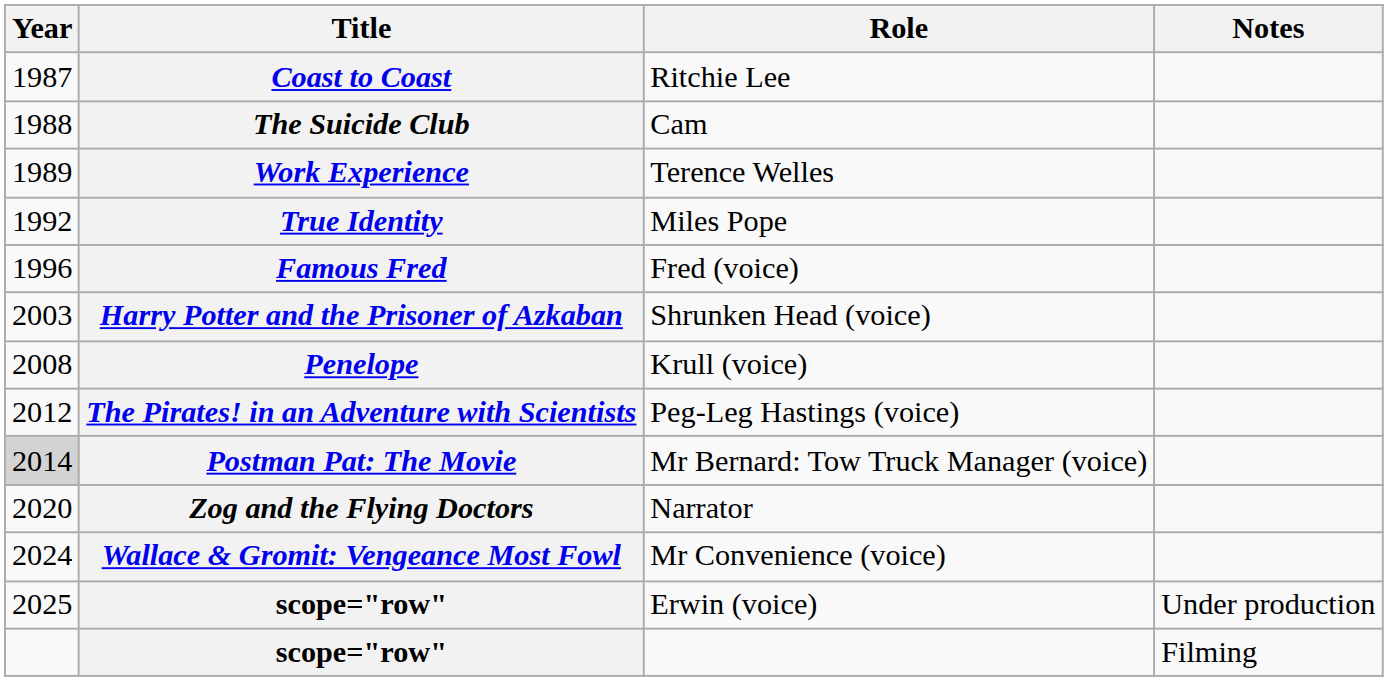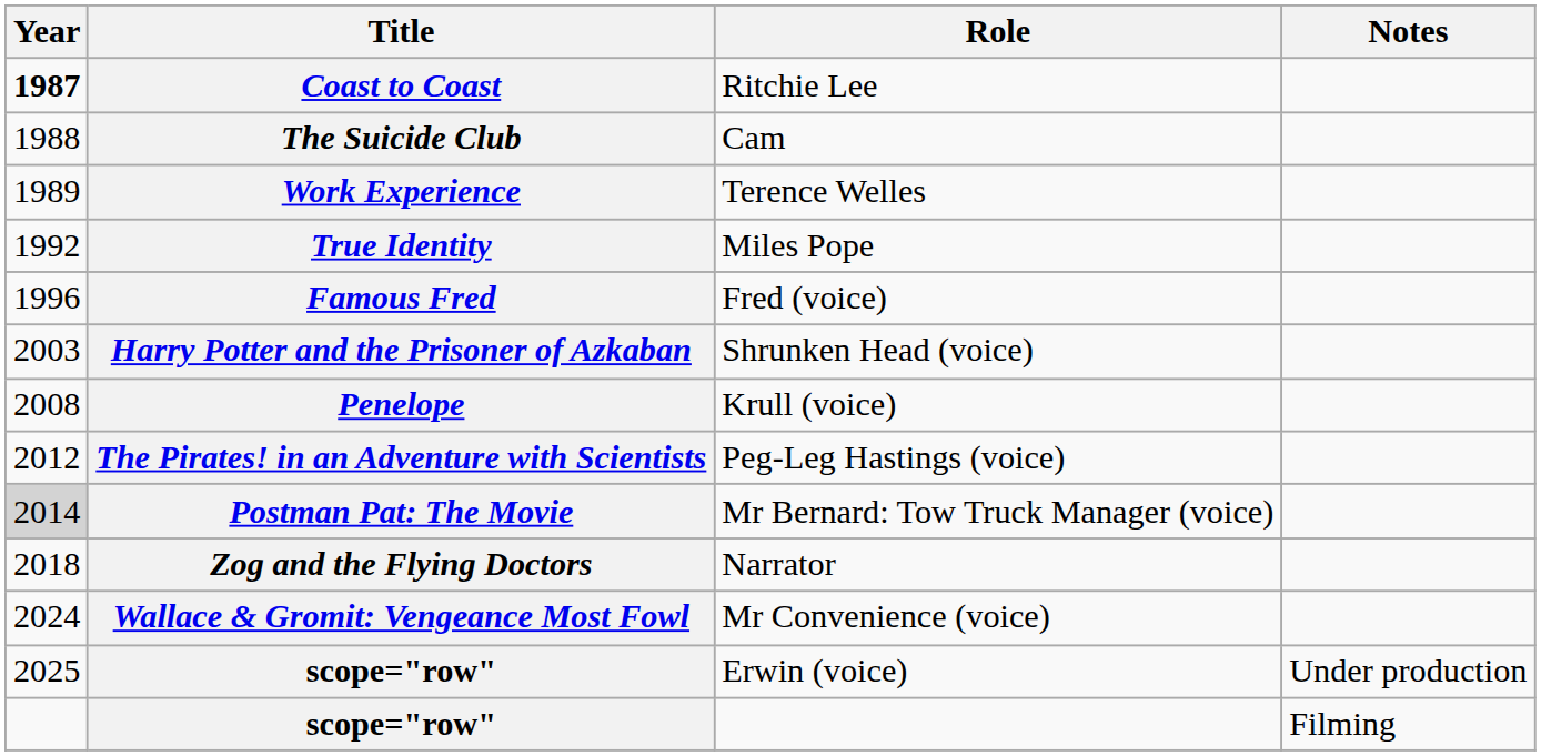 <table class="wikitable sortable plainrowheaders">
 <tr>
 <th scope="col">Year</th>
 <th scope="col">Title</th>
 <th scope="col">Role</th>
 <th scope="col" class="unsortable">Notes</th>
 </tr>
 <tr>
-<td>1987</td>
+<td><strong>1987</strong></td>
 <th scope="row"><em><a href='#'>Coast to Coast</a></em></th>
 <td>Ritchie Lee</td>
 <td></td>
 </tr>
 <tr>
 <td>1988</td>
 <th scope="row" data-sort-value="Suicide Club, The"><em>The Suicide Club</em></th>
 <td>Cam</td>
 <td></td>
 </tr>
 <tr>
 <td>1989</td>
 <th scope="row"><em><a href='#'>Work Experience</a></em></th>
 <td>Terence Welles</td>
 <td></td>
 </tr>
 <tr>
 <td>1992</td>
 <th scope="row"><em><a href='#'>True Identity</a></em></th>
 <td>Miles Pope</td>
 <td></td>
 </tr>
 <tr>
 <td>1996</td>
 <th scope="row"><em><a href='#'>Famous Fred</a></em></th>
 <td>Fred (voice)</td>
 <td></td>
 </tr>
 <tr>
 <td>2003</td>
 <th scope="row"><em><a href='#'>Harry Potter and the Prisoner of Azkaban</a></em></th>
 <td>Shrunken Head (voice)</td>
 <td></td>
 </tr>
 <tr>
 <td>2008</td>
 <th scope="row"><em><a href='#'>Penelope</a></em></th>
 <td>Krull (voice)</td>
 <td></td>
 </tr>
 <tr>
 <td>2012</td>
 <th scope="row" data-sort-value="Pirates! in an Adventure with, The"><em><a href='#'>The Pirates! in an Adventure with Scientists</a></em></th>
 <td>Peg-Leg Hastings (voice)</td>
 <td></td>
 </tr>
 <tr>
 <td style="background: lightgrey;">2014</td>
 <th scope="row"><em><a href='#'>Postman Pat: The Movie</a></em></th>
 <td>Mr Bernard: Tow Truck Manager (voice)</td>
 <td></td>
 </tr>
 <tr>
-<td>2020</td>
+<td>2018</td>
 <th scope="row"><em>Zog and the Flying Doctors</em></th>
 <td>Narrator</td>
 <td></td>
 </tr>
 <tr>
 <td>2024</td>
 <th scope="row"><em><a href='#'>Wallace & Gromit: Vengeance Most Fowl</a></em></th>
 <td>Mr Convenience (voice)</td>
 <td></td>
 </tr>
 <tr>
 <td>2025</td>
 <th>scope="row" </th>
 <td>Erwin (voice)</td>
 <td>Under production</td>
 </tr>
 <tr>
 <td></td>
 <th>scope="row" </th>
 <td></td>
 <td>Filming</td>
 </tr>
 </table>
